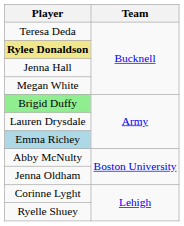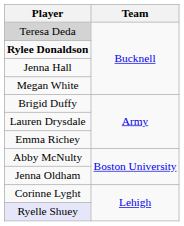 <table class="wikitable" style="text-align: center;">
 <tr>
 <th>Player</th>
 <th>Team</th>
 </tr>
 <tr>
-<td>Teresa Deda</td>
+<td style="background: lightgrey;">Teresa Deda</td>
 <td rowspan=4><a href='#'>Bucknell</a></td>
 </tr>
 <tr>
-<td style="background: khaki;"><strong>Rylee Donaldson</strong></td>
+<td><strong>Rylee Donaldson</strong></td>
 </tr>
 <tr>
 <td>Jenna Hall</td>
 </tr>
 <tr>
 <td>Megan White</td>
 </tr>
 <tr>
-<td style="background: lightgreen;">Brigid Duffy</td>
+<td>Brigid Duffy</td>
 <td rowspan=3><a href='#'>Army</a></td>
 </tr>
 <tr>
 <td>Lauren Drysdale</td>
 </tr>
 <tr>
-<td style="background: lightblue;">Emma Richey</td>
+<td>Emma Richey</td>
 </tr>
 <tr>
 <td>Abby McNulty</td>
 <td rowspan=2><a href='#'>Boston University</a></td>
 </tr>
 <tr>
 <td>Jenna Oldham</td>
 </tr>
 <tr>
 <td>Corinne Lyght</td>
 <td rowspan=2><a href='#'>Lehigh</a></td>
 </tr>
 <tr>
-<td>Ryelle Shuey</td>
+<td style="background: lavender;">Ryelle Shuey</td>
 </tr>
 </table>
